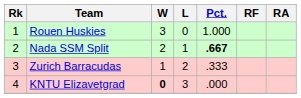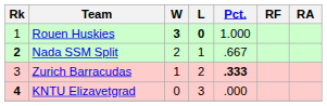 <table class="wikitable" style="text-align:center">
 <tr>
 <th width="25">Rk</th>
 <th width="170">Team</th>
 <th width="25">W</th>
 <th width="25">L</th>
 <th width="50"><a href='#'>Pct.</a></th>
 <th width="35">RF</th>
 <th width="35">RA</th>
 </tr>
 <tr style="background-color:#ccffcc;">
 <td>1</td>
 <td style="text-align:left;"> <a href='#'>Rouen Huskies</a></td>
-<td>3</td>
-<td>0</td>
+<td><strong>3</strong></td>
+<td><strong>0</strong></td>
 <td>1.000</td>
 <td></td>
 <td></td>
 </tr>
 <tr style="background-color:#ccffcc;">
-<td>2</td>
+<td><strong>2</strong></td>
 <td style="text-align:left;"> <a href='#'>Nada SSM Split</a></td>
 <td>2</td>
 <td>1</td>
-<td><strong>.667</strong></td>
+<td>.667</td>
 <td></td>
 <td></td>
 </tr>
 <tr style="background-color:#ffcccc;">
 <td>3</td>
 <td style="text-align:left;"> <a href='#'>Zurich Barracudas</a></td>
 <td>1</td>
 <td>2</td>
-<td>.333</td>
+<td><strong>.333</strong></td>
 <td></td>
 <td></td>
 </tr>
 <tr style="background-color:#ffcccc;">
-<td>4</td>
+<td><strong>4</strong></td>
 <td style="text-align:left;"> <a href='#'>KNTU Elizavetgrad</a></td>
-<td><strong>0</strong></td>
+<td>0</td>
 <td>3</td>
 <td>.000</td>
 <td></td>
 <td></td>
 </tr>
 <tr style="background-color:#ffcccc;">
 </tr>
 </table>
